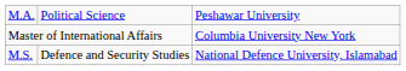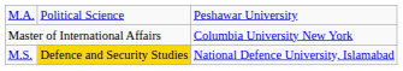 <table class="wikitable">
 <tr>
 <td><a href='#'>M.A.</a></td>
 <td><a href='#'>Political Science</a></td>
 <td><a href='#'>Peshawar University</a></td>
 </tr>
 <tr>
 <td colspan="2">Master of International Affairs</td>
 <td><a href='#'>Columbia University New York</a></td>
 </tr>
 <tr>
 <td><a href='#'>M.S.</a></td>
-<td>Defence and Security Studies</td>
+<td style="background: gold;">Defence and Security Studies</td>
 <td><a href='#'>National Defence University, Islamabad</a></td>
 </tr>
 </table>
